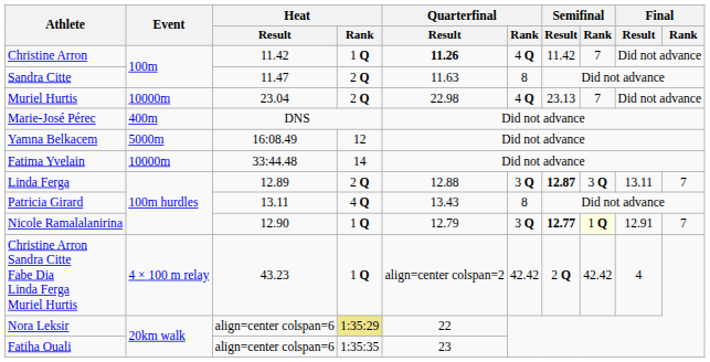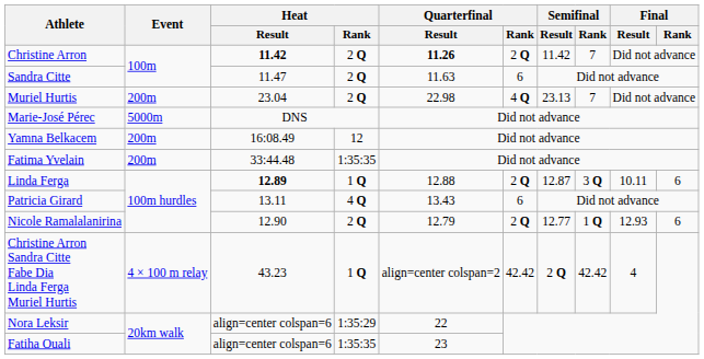 <table class=wikitable style="font-size:90%">
 <tr>
 <th rowspan="2">Athlete</th>
 <th rowspan="2">Event</th>
 <th colspan="2">Heat</th>
 <th colspan="2">Quarterfinal</th>
 <th colspan="2">Semifinal</th>
 <th colspan="2">Final</th>
 </tr>
 <tr style="font-size:95%">
 <th>Result</th>
 <th>Rank</th>
 <th>Result</th>
 <th>Rank</th>
 <th>Result</th>
 <th>Rank</th>
 <th>Result</th>
 <th>Rank</th>
 </tr>
 <tr>
 <td align=left><a href='#'>Christine Arron</a></td>
 <td align=left rowspan=2><a href='#'>100m</a></td>
-<td align=center>11.42</td>
-<td align=center>1 <strong>Q</strong></td>
+<td align=center><strong>11.42</strong></td>
+<td align=center>2 <strong>Q</strong></td>
 <td align=center><strong>11.26</strong></td>
-<td align=center>4 <strong>Q</strong></td>
+<td align=center>2 <strong>Q</strong></td>
 <td align=center>11.42</td>
 <td align=center>7</td>
 <td align=center colspan=2>Did not advance</td>
 </tr>
 <tr>
 <td align=left><a href='#'>Sandra Citte</a></td>
 <td align=center>11.47</td>
 <td align=center>2 <strong>Q</strong></td>
 <td align=center>11.63</td>
-<td align=center>8</td>
+<td align=center>6</td>
 <td align=center colspan=4>Did not advance</td>
 </tr>
 <tr>
 <td align=left><a href='#'>Muriel Hurtis</a></td>
-<td align=left><a href='#'>10000m</a></td>
+<td align=left><a href='#'>200m</a></td>
 <td align=center>23.04</td>
 <td align=center>2 <strong>Q</strong></td>
 <td align=center>22.98</td>
 <td align=center>4 <strong>Q</strong></td>
 <td align=center>23.13</td>
 <td align=center>7</td>
 <td align=center colspan=2>Did not advance</td>
 </tr>
 <tr>
 <td align=left><a href='#'>Marie-José Pérec</a></td>
-<td align=left><a href='#'>400m</a></td>
+<td align=left><a href='#'>5000m</a></td>
 <td align=center colspan=2>DNS</td>
 <td align=center colspan=6>Did not advance</td>
 </tr>
 <tr>
 <td align=left><a href='#'>Yamna Belkacem</a></td>
-<td align=left><a href='#'>5000m</a></td>
+<td align=left><a href='#'>200m</a></td>
 <td align=center>16:08.49</td>
 <td align=center>12</td>
 <td align=center colspan=6>Did not advance</td>
 </tr>
 <tr>
 <td align=left><a href='#'>Fatima Yvelain</a></td>
-<td align=left><a href='#'>10000m</a></td>
+<td align=left><a href='#'>200m</a></td>
 <td align=center>33:44.48</td>
-<td align=center>14</td>
+<td align=center>1:35:35</td>
 <td align=center colspan=6>Did not advance</td>
 </tr>
 <tr>
 <td align=left><a href='#'>Linda Ferga</a></td>
 <td align=left rowspan=3><a href='#'>100m hurdles</a></td>
-<td align=center>12.89</td>
+<td align=center><strong>12.89</strong></td>
+<td align=center>1 <strong>Q</strong></td>
+<td align=center>12.88</td>
 <td align=center>2 <strong>Q</strong></td>
-<td align=center>12.88</td>
+<td align=center>12.87</td>
 <td align=center>3 <strong>Q</strong></td>
-<td align=center><strong>12.87</strong></td>
-<td align=center>3 <strong>Q</strong></td>
-<td align=center>13.11</td>
-<td align=center>7</td>
+<td align=center>10.11</td>
+<td align=center>6</td>
 </tr>
 <tr>
 <td align=left><a href='#'>Patricia Girard</a></td>
 <td align=center>13.11</td>
 <td align=center>4 <strong>Q</strong></td>
 <td align=center>13.43</td>
-<td align=center>8</td>
+<td align=center>6</td>
 <td align=center colspan=4>Did not advance</td>
 </tr>
 <tr>
 <td align=left><a href='#'>Nicole Ramalalanirina</a></td>
 <td align=center>12.90</td>
+<td align=center>2 <strong>Q</strong></td>
+<td align=center>12.79</td>
+<td align=center>2 <strong>Q</strong></td>
+<td align=center>12.77</td>
 <td align=center>1 <strong>Q</strong></td>
-<td align=center>12.79</td>
-<td align=center>3 <strong>Q</strong></td>
-<td align=center><strong>12.77</strong></td>
-<td align=center style="background: lightyellow;">1 <strong>Q</strong></td>
-<td align=center>12.91</td>
-<td align=center>7</td>
+<td align=center>12.93</td>
+<td align=center>6</td>
 </tr>
 <tr>
 <td align=left><a href='#'>Christine Arron</a><br> <a href='#'>Sandra Citte</a><br> <a href='#'>Fabe Dia</a><br> <a href='#'>Linda Ferga</a><br> <a href='#'>Muriel Hurtis</a></td>
 <td align=left><a href='#'>4 × 100 m relay</a></td>
 <td align=center>43.23</td>
 <td align=center>1 <strong>Q</strong></td>
 <td>align=center colspan=2 </td>
 <td align=center>42.42</td>
 <td align=center>2 <strong>Q</strong></td>
 <td align=center>42.42</td>
 <td align=center>4</td>
 </tr>
 <tr>
 <td align=left><a href='#'>Nora Leksir</a></td>
 <td align=left rowspan=2><a href='#'>20km walk</a></td>
 <td>align=center colspan=6 </td>
-<td align=center style="background: khaki;">1:35:29</td>
+<td align=center>1:35:29</td>
 <td align=center>22</td>
 </tr>
 <tr>
 <td align=left><a href='#'>Fatiha Ouali</a></td>
 <td>align=center colspan=6 </td>
 <td align=center>1:35:35</td>
 <td align=center>23</td>
 </tr>
 </table>
